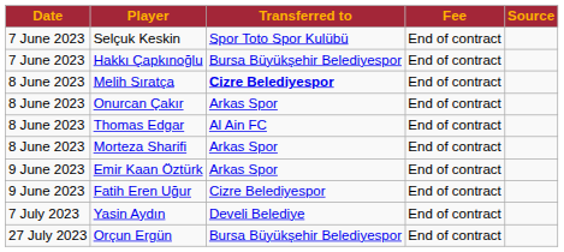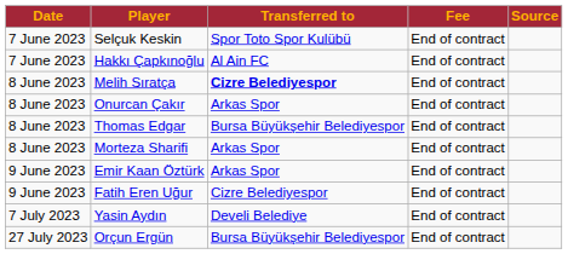 <table class="wikitable plainrowheaders sortable">
 <tr>
 <th style="background:#A32638; color:#FFB300; ">Date</th>
 <th style="background:#A32638; color:#FFB300; ">Player</th>
 <th style="background:#A32638; color:#FFB300; ">Transferred to</th>
 <th style="background:#A32638; color:#FFB300; ">Fee</th>
 <th style="background:#A32638; color:#FFB300; ">Source</th>
 </tr>
 <tr>
 <td>7 June 2023</td>
 <td align=left> Selçuk Keskin</td>
 <td align=left> <a href='#'>Spor Toto Spor Kulübü</a></td>
 <td>End of contract</td>
 <td></td>
 </tr>
 <tr>
 <td>7 June 2023</td>
 <td align=left> <a href='#'>Hakkı Çapkınoğlu</a></td>
-<td align=left> <a href='#'>Bursa Büyükşehir Belediyespor</a></td>
+<td align=left> <a href='#'>Al Ain FC</a></td>
 <td>End of contract</td>
 <td></td>
 </tr>
 <tr>
 <td>8 June 2023</td>
 <td align=left> <a href='#'>Melih Sıratça</a></td>
 <td align=left><strong> <a href='#'>Cizre Belediyespor</a></strong></td>
 <td>End of contract</td>
 <td></td>
 </tr>
 <tr>
 <td>8 June 2023</td>
 <td align=left> <a href='#'>Onurcan Çakır</a></td>
 <td align=left> <a href='#'>Arkas Spor</a></td>
 <td>End of contract</td>
 <td></td>
 </tr>
 <tr>
 <td>8 June 2023</td>
 <td align=left> <a href='#'>Thomas Edgar</a></td>
-<td align=left> <a href='#'>Al Ain FC</a></td>
+<td align=left> <a href='#'>Bursa Büyükşehir Belediyespor</a></td>
 <td>End of contract</td>
 <td></td>
 </tr>
 <tr>
 <td>8 June 2023</td>
 <td align=left> <a href='#'>Morteza Sharifi</a></td>
 <td align=left> <a href='#'>Arkas Spor</a></td>
 <td>End of contract</td>
 <td></td>
 </tr>
 <tr>
 <td>9 June 2023</td>
 <td align=left> <a href='#'>Emir Kaan Öztürk</a></td>
 <td align=left> <a href='#'>Arkas Spor</a></td>
 <td>End of contract</td>
 <td></td>
 </tr>
 <tr>
 <td>9 June 2023</td>
 <td align=left> <a href='#'>Fatih Eren Uğur</a></td>
 <td align=left> <a href='#'>Cizre Belediyespor</a></td>
 <td>End of contract</td>
 <td></td>
 </tr>
 <tr>
 <td>7 July 2023</td>
 <td align=left> <a href='#'>Yasin Aydın</a></td>
 <td align=left> <a href='#'>Develi Belediye</a></td>
 <td>End of contract</td>
 <td></td>
 </tr>
 <tr>
 <td>27 July 2023</td>
 <td align=left> <a href='#'>Orçun Ergün</a></td>
 <td align=left> <a href='#'>Bursa Büyükşehir Belediyespor</a></td>
 <td>End of contract</td>
 <td></td>
 </tr>
 </table>
